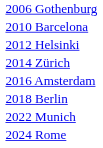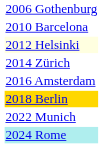 <table>
 <tr>
 <td><a href='#'>2006 Gothenburg</a><br></td>
 <td></td>
 <td></td>
 <td></td>
 </tr>
 <tr>
 <td><a href='#'>2010 Barcelona</a><br></td>
 <td></td>
 <td></td>
 <td></td>
 </tr>
 <tr>
-<td><a href='#'>2012 Helsinki</a><br></td>
+<td style="background: lightyellow;"><a href='#'>2012 Helsinki</a><br></td>
 <td></td>
 <td></td>
 <td></td>
 </tr>
 <tr>
 <td><a href='#'>2014 Zürich</a><br></td>
 <td></td>
 <td></td>
 <td></td>
 </tr>
 <tr>
 <td><a href='#'>2016 Amsterdam</a><br></td>
 <td></td>
 <td></td>
 <td></td>
 </tr>
 <tr>
-<td><a href='#'>2018 Berlin</a><br></td>
+<td style="background: gold;"><a href='#'>2018 Berlin</a><br></td>
 <td></td>
 <td></td>
 <td></td>
 </tr>
 <tr>
 <td><a href='#'>2022 Munich</a><br></td>
 <td></td>
 <td></td>
 <td></td>
 </tr>
 <tr>
-<td><a href='#'>2024 Rome</a><br></td>
+<td style="background: paleturquoise;"><a href='#'>2024 Rome</a><br></td>
 <td></td>
 <td></td>
 <td></td>
 </tr>
 </table>
